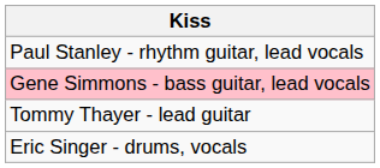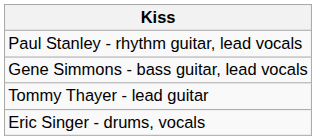 <table class="wikitable">
 <tr>
 <th>Kiss</th>
 </tr>
 <tr>
 <td>Paul Stanley - rhythm guitar, lead vocals</td>
 </tr>
 <tr>
-<td style="background: pink;">Gene Simmons - bass guitar, lead vocals</td>
+<td>Gene Simmons - bass guitar, lead vocals</td>
 </tr>
 <tr>
 <td>Tommy Thayer - lead guitar</td>
 </tr>
 <tr>
 <td>Eric Singer - drums, vocals</td>
 </tr>
 </table>
